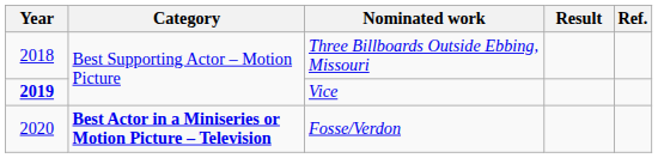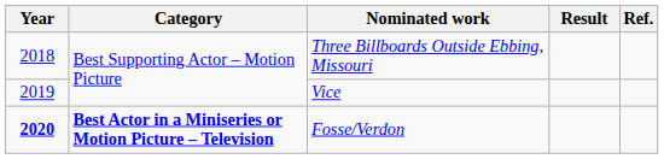 <table class=wikitable>
 <tr>
 <th scope="col" style="width:5em;">Year</th>
 <th scope="col" style="width:26em;">Category</th>
 <th scope="col" style="width:25em;">Nominated work</th>
 <th scope="col" style="width:5em;">Result</th>
 <th>Ref.</th>
 </tr>
 <tr>
 <td style="text-align:center;"><a href='#'>2018</a></td>
 <td rowspan=2><a href='#'>Best Supporting Actor – Motion Picture</a></td>
 <td><em><a href='#'>Three Billboards Outside Ebbing, Missouri</a></em></td>
 <td></td>
 <td align=center></td>
 </tr>
 <tr>
-<td style="text-align:center;"><strong><a href='#'>2019</a></strong></td>
+<td style="text-align:center;"><a href='#'>2019</a></td>
 <td><em><a href='#'>Vice</a></em></td>
 <td></td>
 <td align=center></td>
 </tr>
 <tr>
-<td style="text-align:center;"><a href='#'>2020</a></td>
+<td style="text-align:center;"><strong><a href='#'>2020</a></strong></td>
 <td><strong><a href='#'>Best Actor in a Miniseries or Motion Picture – Television</a></strong></td>
 <td><em><a href='#'>Fosse/Verdon</a></em></td>
 <td></td>
 <td align=center></td>
 </tr>
 </table>
